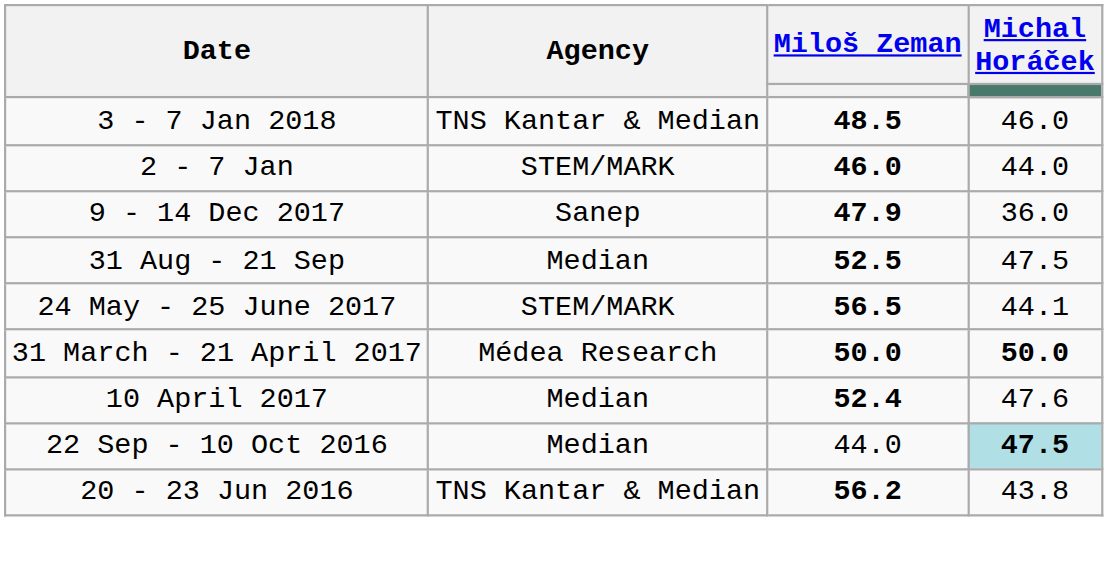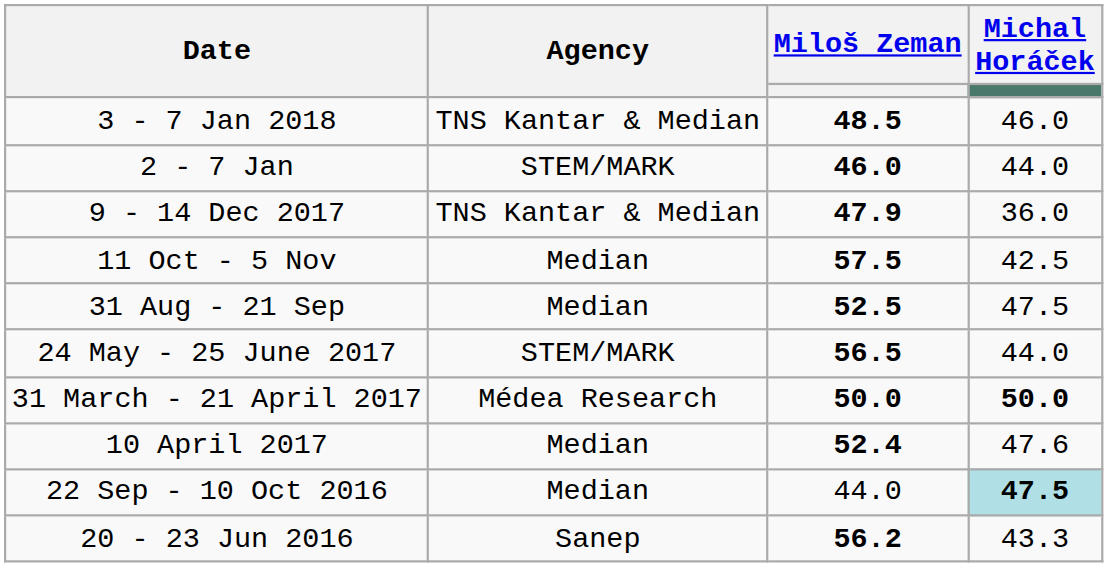 <table class="wikitable collapsible collapsed" style=text-align:center>
 <tr>
 <th rowspan="2">Date</th>
 <th rowspan="2">Agency</th>
 <th><a href='#'>Miloš Zeman</a></th>
 <th><a href='#'>Michal Horáček</a></th>
 </tr>
 <tr>
 <th style="background:"></th>
 <th style="background:#49796B; width:40px;"></th>
 </tr>
 <tr>
 <td>3 - 7 Jan 2018</td>
 <td>TNS Kantar & Median</td>
 <td><strong>48.5</strong></td>
 <td>46.0</td>
 </tr>
 <tr>
 <td>2 - 7 Jan</td>
 <td>STEM/MARK</td>
 <td><strong>46.0</strong></td>
 <td>44.0</td>
 </tr>
 <tr>
 <td>9 - 14 Dec 2017</td>
-<td>Sanep</td>
+<td>TNS Kantar & Median</td>
 <td><strong>47.9</strong></td>
 <td>36.0</td>
+</tr>
+<tr>
+<td>11 Oct - 5 Nov</td>
+<td>Median</td>
+<td><strong>57.5</strong></td>
+<td>42.5</td>
 </tr>
 <tr>
 <td>31 Aug - 21 Sep</td>
 <td>Median</td>
 <td><strong>52.5</strong></td>
 <td>47.5</td>
 </tr>
 <tr>
 <td>24 May - 25 June 2017</td>
 <td>STEM/MARK</td>
 <td><strong>56.5</strong></td>
-<td>44.1</td>
+<td>44.0</td>
 </tr>
 <tr>
 <td>31 March - 21 April 2017</td>
 <td>Médea Research</td>
 <td><strong>50.0</strong></td>
 <td><strong>50.0</strong></td>
 </tr>
 <tr>
 <td>10 April 2017</td>
 <td>Median</td>
 <td><strong>52.4</strong></td>
 <td>47.6</td>
 </tr>
 <tr>
 <td>22 Sep - 10 Oct 2016</td>
 <td>Median</td>
 <td>44.0</td>
 <td style="background:#B0E0E6;"><strong>47.5</strong></td>
 </tr>
 <tr>
 <td>20 - 23 Jun 2016</td>
-<td>TNS Kantar & Median</td>
+<td>Sanep</td>
 <td><strong>56.2</strong></td>
-<td>43.8</td>
+<td>43.3</td>
 </tr>
 </table>
